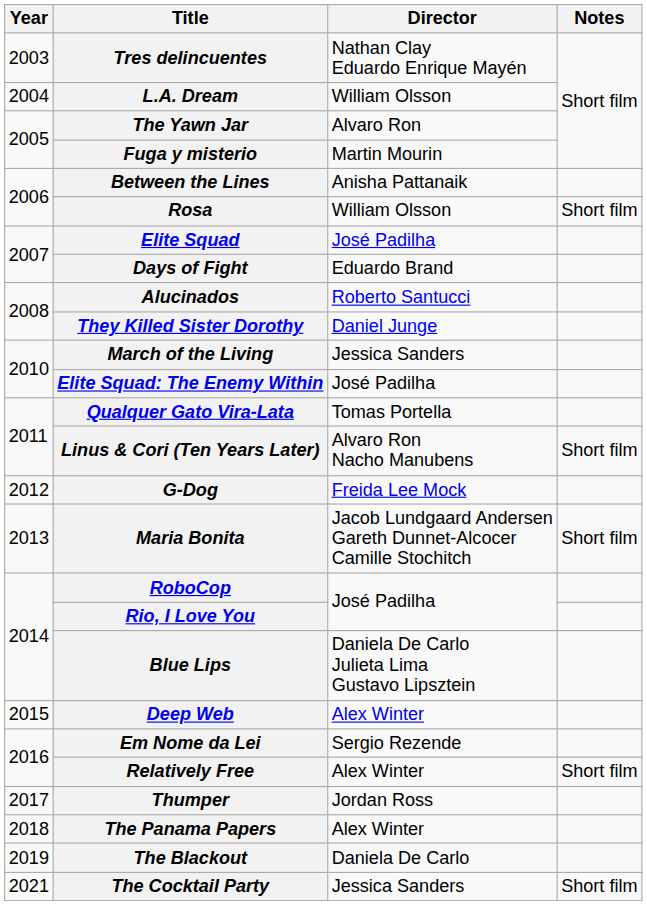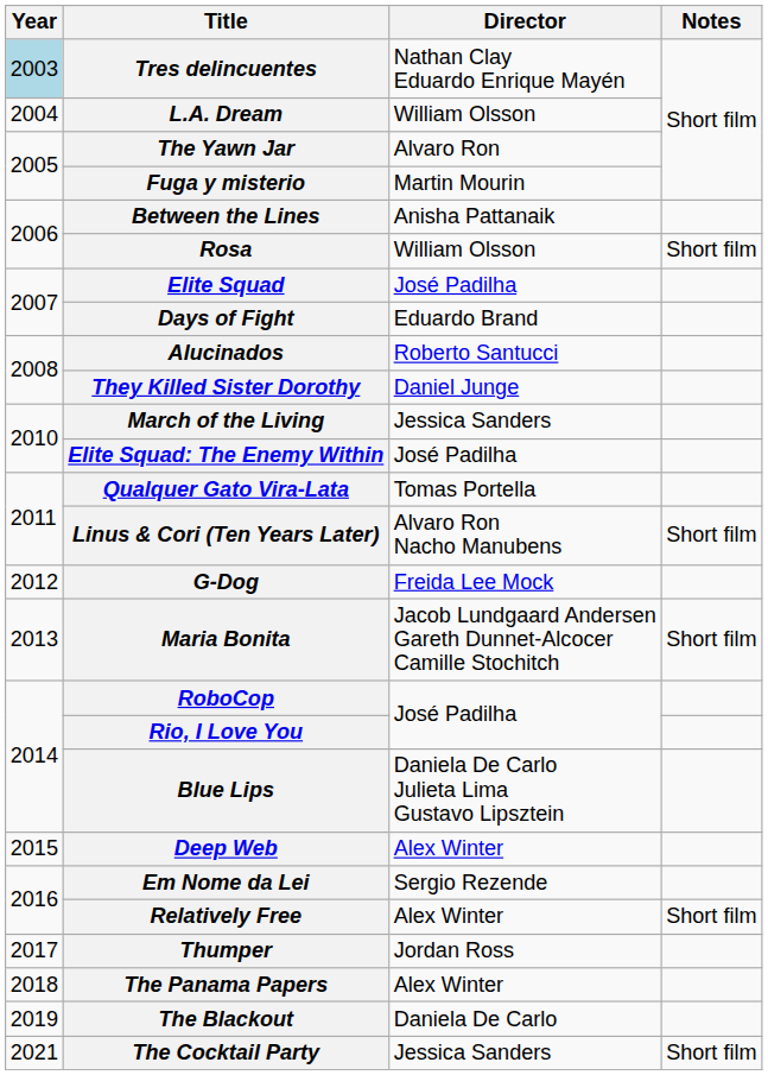 <table class="wikitable sortable plainrowheaders">
 <tr>
 <th>Year</th>
 <th>Title</th>
 <th>Director</th>
 <th>Notes</th>
 </tr>
 <tr>
-<td>2003</td>
+<td style="background: lightblue;">2003</td>
 <th scope="row" style="text-align:center;"><em>Tres delincuentes</em></th>
 <td>Nathan Clay<br>Eduardo Enrique Mayén</td>
 <td rowspan=4>Short film</td>
 </tr>
 <tr>
 <td>2004</td>
 <th scope="row" style="text-align:center;"><em>L.A. Dream</em></th>
 <td>William Olsson</td>
 </tr>
 <tr>
 <td rowspan=2>2005</td>
 <th scope="row" style="text-align:center;"><em>The Yawn Jar</em></th>
 <td>Alvaro Ron</td>
 </tr>
 <tr>
 <th scope="row" style="text-align:center;"><em>Fuga y misterio</em></th>
 <td>Martin Mourin</td>
 </tr>
 <tr>
 <td rowspan=2>2006</td>
 <th scope="row" style="text-align:center;"><em>Between the Lines</em></th>
 <td>Anisha Pattanaik</td>
 <td></td>
 </tr>
 <tr>
 <th scope="row" style="text-align:center;"><em>Rosa</em></th>
 <td>William Olsson</td>
 <td>Short film</td>
 </tr>
 <tr>
 <td rowspan=2>2007</td>
 <th scope="row" style="text-align:center;"><em><a href='#'>Elite Squad</a></em></th>
 <td><a href='#'>José Padilha</a></td>
 <td></td>
 </tr>
 <tr>
 <th scope="row" style="text-align:center;"><em>Days of Fight</em></th>
 <td>Eduardo Brand</td>
 <td></td>
 </tr>
 <tr>
 <td rowspan=2>2008</td>
 <th scope="row" style="text-align:center;"><em>Alucinados</em></th>
 <td><a href='#'>Roberto Santucci</a></td>
 <td></td>
 </tr>
 <tr>
 <th scope="row" style="text-align:center;"><em><a href='#'>They Killed Sister Dorothy</a></em></th>
 <td><a href='#'>Daniel Junge</a></td>
 <td></td>
 </tr>
 <tr>
 <td rowspan=2>2010</td>
 <th scope="row" style="text-align:center;"><em>March of the Living</em></th>
 <td>Jessica Sanders</td>
 <td></td>
 </tr>
 <tr>
 <th scope="row" style="text-align:center;"><em><a href='#'>Elite Squad: The Enemy Within</a></em></th>
 <td>José Padilha</td>
 <td></td>
 </tr>
 <tr>
 <td rowspan=2>2011</td>
 <th scope="row" style="text-align:center;"><em><a href='#'>Qualquer Gato Vira-Lata</a></em></th>
 <td>Tomas Portella</td>
 <td></td>
 </tr>
 <tr>
 <th scope="row" style="text-align:center;"><em>Linus & Cori (Ten Years Later)</em></th>
 <td>Alvaro Ron<br>Nacho Manubens</td>
 <td>Short film</td>
 </tr>
 <tr>
 <td>2012</td>
 <th scope="row" style="text-align:center;"><em>G-Dog</em></th>
 <td><a href='#'>Freida Lee Mock</a></td>
 <td></td>
 </tr>
 <tr>
 <td>2013</td>
 <th scope="row" style="text-align:center;"><em>Maria Bonita</em></th>
 <td>Jacob Lundgaard Andersen<br>Gareth Dunnet-Alcocer<br>Camille Stochitch</td>
 <td>Short film</td>
 </tr>
 <tr>
 <td rowspan=3>2014</td>
 <th scope="row" style="text-align:center;"><em><a href='#'>RoboCop</a></em></th>
 <td rowspan=2>José Padilha</td>
 <td></td>
 </tr>
 <tr>
 <th scope="row" style="text-align:center;"><em><a href='#'>Rio, I Love You</a></em></th>
 <td></td>
 </tr>
 <tr>
 <th scope="row" style="text-align:center;"><em>Blue Lips</em></th>
 <td>Daniela De Carlo<br>Julieta Lima<br>Gustavo Lipsztein</td>
 <td></td>
 </tr>
 <tr>
 <td>2015</td>
 <th scope="row" style="text-align:center;"><em><a href='#'>Deep Web</a></em></th>
 <td><a href='#'>Alex Winter</a></td>
 <td></td>
 </tr>
 <tr>
 <td rowspan=2>2016</td>
 <th scope="row" style="text-align:center;"><em>Em Nome da Lei</em></th>
 <td>Sergio Rezende</td>
 <td></td>
 </tr>
 <tr>
 <th scope="row" style="text-align:center;"><em>Relatively Free</em></th>
 <td>Alex Winter</td>
 <td>Short film</td>
 </tr>
 <tr>
 <td>2017</td>
 <th scope="row" style="text-align:center;"><em>Thumper</em></th>
 <td>Jordan Ross</td>
 <td></td>
 </tr>
 <tr>
 <td>2018</td>
 <th scope="row" style="text-align:center;"><em>The Panama Papers</em></th>
 <td>Alex Winter</td>
 <td></td>
 </tr>
 <tr>
 <td>2019</td>
 <th scope="row" style="text-align:center;"><em>The Blackout</em></th>
 <td>Daniela De Carlo</td>
 <td></td>
 </tr>
 <tr>
 <td>2021</td>
 <th scope="row" style="text-align:center;"><em>The Cocktail Party</em></th>
 <td>Jessica Sanders</td>
 <td>Short film</td>
 </tr>
 </table>
